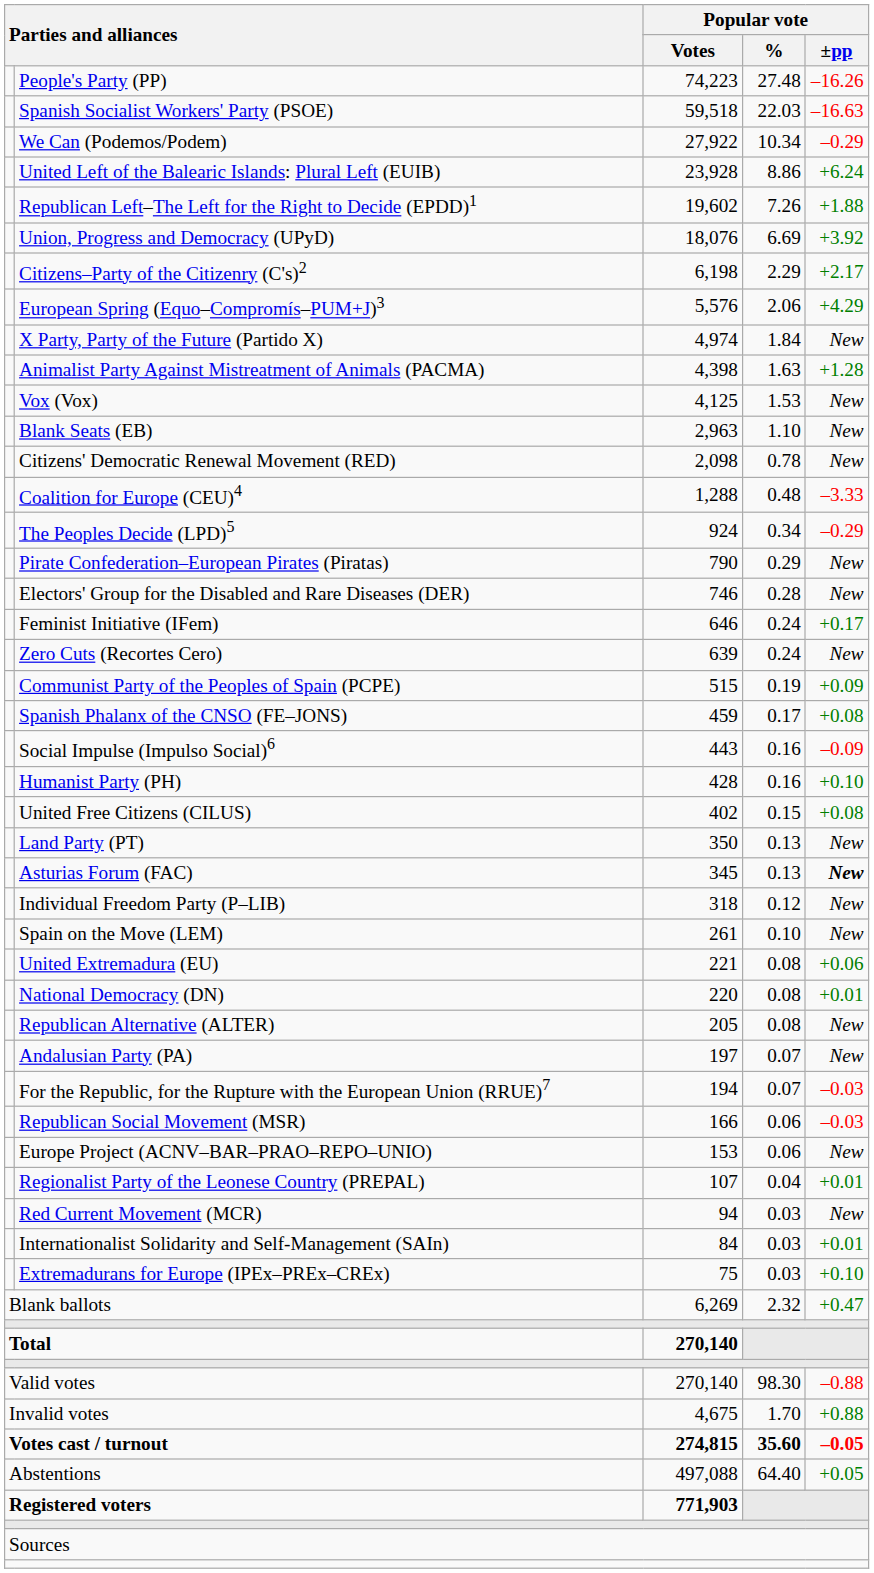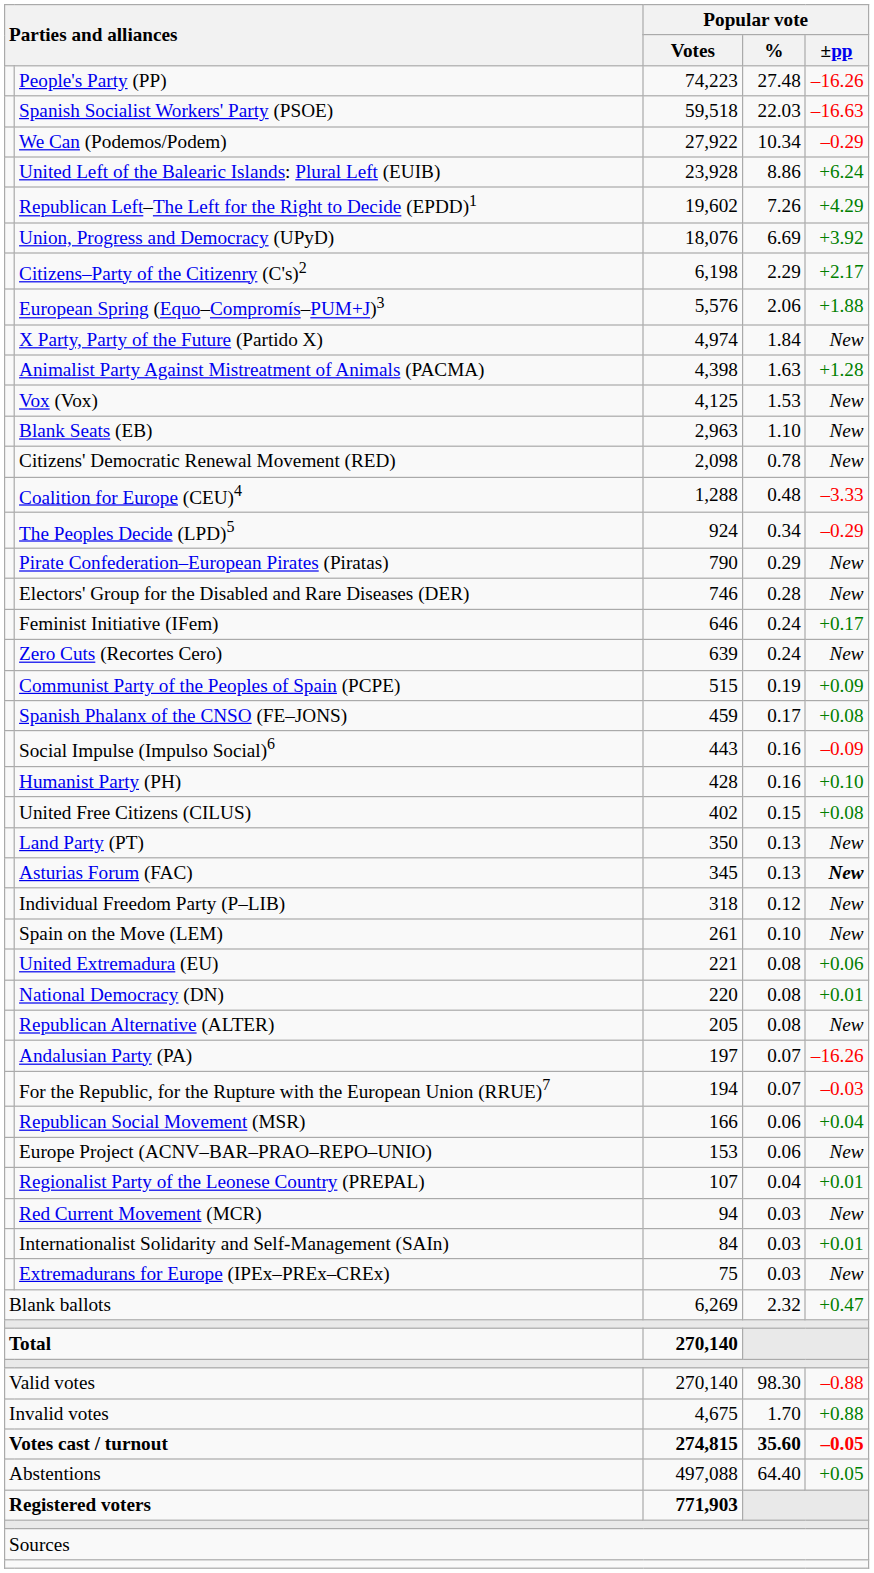 <table class="wikitable" style="text-align:right">
 <tr>
 <th style="text-align:left;" rowspan="2" colspan="2" width="525">Parties and alliances</th>
 <th colspan="3">Popular vote</th>
 </tr>
 <tr>
 <th width="75">Votes</th>
 <th width="45">%</th>
 <th width="45">±<a href='#'>pp</a></th>
 </tr>
 <tr>
 <td width="1" style="color:inherit;background:"></td>
 <td align="left"><a href='#'>People's Party</a> (PP)</td>
 <td>74,223</td>
 <td>27.48</td>
 <td style="color:red;">–16.26</td>
 </tr>
 <tr>
 <td style="color:inherit;background:"></td>
 <td align="left"><a href='#'>Spanish Socialist Workers' Party</a> (PSOE)</td>
 <td>59,518</td>
 <td>22.03</td>
 <td style="color:red;">–16.63</td>
 </tr>
 <tr>
 <td style="color:inherit;background:"></td>
 <td align="left"><a href='#'>We Can</a> (Podemos/Podem)</td>
 <td>27,922</td>
 <td>10.34</td>
 <td style="color:red;">–0.29</td>
 </tr>
 <tr>
 <td style="color:inherit;background:"></td>
 <td align="left"><a href='#'>United Left of the Balearic Islands</a>: <a href='#'>Plural Left</a> (EUIB)</td>
 <td>23,928</td>
 <td>8.86</td>
 <td style="color:green;">+6.24</td>
 </tr>
 <tr>
 <td style="color:inherit;background:"></td>
 <td align="left"><a href='#'>Republican Left</a>–<a href='#'>The Left for the Right to Decide</a> (EPDD)<sup>1</sup></td>
 <td>19,602</td>
 <td>7.26</td>
-<td style="color:green;">+1.88</td>
+<td style="color:green;">+4.29</td>
 </tr>
 <tr>
 <td style="color:inherit;background:"></td>
 <td align="left"><a href='#'>Union, Progress and Democracy</a> (UPyD)</td>
 <td>18,076</td>
 <td>6.69</td>
 <td style="color:green;">+3.92</td>
 </tr>
 <tr>
 <td style="color:inherit;background:"></td>
 <td align="left"><a href='#'>Citizens–Party of the Citizenry</a> (C's)<sup>2</sup></td>
 <td>6,198</td>
 <td>2.29</td>
 <td style="color:green;">+2.17</td>
 </tr>
 <tr>
 <td style="color:inherit;background:"></td>
 <td align="left"><a href='#'>European Spring</a> (<a href='#'>Equo</a>–<a href='#'>Compromís</a>–<a href='#'>PUM+J</a>)<sup>3</sup></td>
 <td>5,576</td>
 <td>2.06</td>
-<td style="color:green;">+4.29</td>
+<td style="color:green;">+1.88</td>
 </tr>
 <tr>
 <td style="color:inherit;background:"></td>
 <td align="left"><a href='#'>X Party, Party of the Future</a> (Partido X)</td>
 <td>4,974</td>
 <td>1.84</td>
 <td><em>New</em></td>
 </tr>
 <tr>
 <td style="color:inherit;background:"></td>
 <td align="left"><a href='#'>Animalist Party Against Mistreatment of Animals</a> (PACMA)</td>
 <td>4,398</td>
 <td>1.63</td>
 <td style="color:green;">+1.28</td>
 </tr>
 <tr>
 <td style="color:inherit;background:"></td>
 <td align="left"><a href='#'>Vox</a> (Vox)</td>
 <td>4,125</td>
 <td>1.53</td>
 <td><em>New</em></td>
 </tr>
 <tr>
 <td style="color:inherit;background:"></td>
 <td align="left"><a href='#'>Blank Seats</a> (EB)</td>
 <td>2,963</td>
 <td>1.10</td>
 <td><em>New</em></td>
 </tr>
 <tr>
 <td style="color:inherit;background:"></td>
 <td align="left">Citizens' Democratic Renewal Movement (RED)</td>
 <td>2,098</td>
 <td>0.78</td>
 <td><em>New</em></td>
 </tr>
 <tr>
 <td style="color:inherit;background:"></td>
 <td align="left"><a href='#'>Coalition for Europe</a> (CEU)<sup>4</sup></td>
 <td>1,288</td>
 <td>0.48</td>
 <td style="color:red;">–3.33</td>
 </tr>
 <tr>
 <td style="color:inherit;background:"></td>
 <td align="left"><a href='#'>The Peoples Decide</a> (LPD)<sup>5</sup></td>
 <td>924</td>
 <td>0.34</td>
 <td style="color:red;">–0.29</td>
 </tr>
 <tr>
 <td style="color:inherit;background:"></td>
 <td align="left"><a href='#'>Pirate Confederation–European Pirates</a> (Piratas)</td>
 <td>790</td>
 <td>0.29</td>
 <td><em>New</em></td>
 </tr>
 <tr>
 <td style="color:inherit;background:"></td>
 <td align="left">Electors' Group for the Disabled and Rare Diseases (DER)</td>
 <td>746</td>
 <td>0.28</td>
 <td><em>New</em></td>
 </tr>
 <tr>
 <td style="color:inherit;background:"></td>
 <td align="left">Feminist Initiative (IFem)</td>
 <td>646</td>
 <td>0.24</td>
 <td style="color:green;">+0.17</td>
 </tr>
 <tr>
 <td style="color:inherit;background:"></td>
 <td align="left"><a href='#'>Zero Cuts</a> (Recortes Cero)</td>
 <td>639</td>
 <td>0.24</td>
 <td><em>New</em></td>
 </tr>
 <tr>
 <td style="color:inherit;background:"></td>
 <td align="left"><a href='#'>Communist Party of the Peoples of Spain</a> (PCPE)</td>
 <td>515</td>
 <td>0.19</td>
 <td style="color:green;">+0.09</td>
 </tr>
 <tr>
 <td style="color:inherit;background:"></td>
 <td align="left"><a href='#'>Spanish Phalanx of the CNSO</a> (FE–JONS)</td>
 <td>459</td>
 <td>0.17</td>
 <td style="color:green;">+0.08</td>
 </tr>
 <tr>
 <td style="color:inherit;background:"></td>
 <td align="left">Social Impulse (Impulso Social)<sup>6</sup></td>
 <td>443</td>
 <td>0.16</td>
 <td style="color:red;">–0.09</td>
 </tr>
 <tr>
 <td style="color:inherit;background:"></td>
 <td align="left"><a href='#'>Humanist Party</a> (PH)</td>
 <td>428</td>
 <td>0.16</td>
 <td style="color:green;">+0.10</td>
 </tr>
 <tr>
 <td style="color:inherit;background:"></td>
 <td align="left">United Free Citizens (CILUS)</td>
 <td>402</td>
 <td>0.15</td>
 <td style="color:green;">+0.08</td>
 </tr>
 <tr>
 <td style="color:inherit;background:"></td>
 <td align="left"><a href='#'>Land Party</a> (PT)</td>
 <td>350</td>
 <td>0.13</td>
 <td><em>New</em></td>
 </tr>
 <tr>
 <td style="color:inherit;background:"></td>
 <td align="left"><a href='#'>Asturias Forum</a> (FAC)</td>
 <td>345</td>
 <td>0.13</td>
 <td><strong><em>New</em></strong></td>
 </tr>
 <tr>
 <td style="color:inherit;background:"></td>
 <td align="left">Individual Freedom Party (P–LIB)</td>
 <td>318</td>
 <td>0.12</td>
 <td><em>New</em></td>
 </tr>
 <tr>
 <td style="color:inherit;background:"></td>
 <td align="left">Spain on the Move (LEM)</td>
 <td>261</td>
 <td>0.10</td>
 <td><em>New</em></td>
 </tr>
 <tr>
 <td style="color:inherit;background:"></td>
 <td align="left"><a href='#'>United Extremadura</a> (EU)</td>
 <td>221</td>
 <td>0.08</td>
 <td style="color:green;">+0.06</td>
 </tr>
 <tr>
 <td style="color:inherit;background:"></td>
 <td align="left"><a href='#'>National Democracy</a> (DN)</td>
 <td>220</td>
 <td>0.08</td>
 <td style="color:green;">+0.01</td>
 </tr>
 <tr>
 <td style="color:inherit;background:"></td>
 <td align="left"><a href='#'>Republican Alternative</a> (ALTER)</td>
 <td>205</td>
 <td>0.08</td>
 <td><em>New</em></td>
 </tr>
 <tr>
 <td style="color:inherit;background:"></td>
 <td align="left"><a href='#'>Andalusian Party</a> (PA)</td>
 <td>197</td>
 <td>0.07</td>
-<td><em>New</em></td>
+<td style="color:red;">–16.26</td>
 </tr>
 <tr>
 <td style="color:inherit;background:"></td>
 <td align="left">For the Republic, for the Rupture with the European Union (RRUE)<sup>7</sup></td>
 <td>194</td>
 <td>0.07</td>
 <td style="color:red;">–0.03</td>
 </tr>
 <tr>
 <td style="color:inherit;background:"></td>
 <td align="left"><a href='#'>Republican Social Movement</a> (MSR)</td>
 <td>166</td>
 <td>0.06</td>
-<td style="color:red;">–0.03</td>
+<td style="color:green;">+0.04</td>
 </tr>
 <tr>
 <td style="color:inherit;background:"></td>
 <td align="left">Europe Project (ACNV–BAR–PRAO–REPO–UNIO)</td>
 <td>153</td>
 <td>0.06</td>
 <td><em>New</em></td>
 </tr>
 <tr>
 <td style="color:inherit;background:"></td>
 <td align="left"><a href='#'>Regionalist Party of the Leonese Country</a> (PREPAL)</td>
 <td>107</td>
 <td>0.04</td>
 <td style="color:green;">+0.01</td>
 </tr>
 <tr>
 <td style="color:inherit;background:"></td>
 <td align="left"><a href='#'>Red Current Movement</a> (MCR)</td>
 <td>94</td>
 <td>0.03</td>
 <td><em>New</em></td>
 </tr>
 <tr>
 <td style="color:inherit;background:"></td>
 <td align="left">Internationalist Solidarity and Self-Management (SAIn)</td>
 <td>84</td>
 <td>0.03</td>
 <td style="color:green;">+0.01</td>
 </tr>
 <tr>
 <td style="color:inherit;background:"></td>
 <td align="left"><a href='#'>Extremadurans for Europe</a> (IPEx–PREx–CREx)</td>
 <td>75</td>
 <td>0.03</td>
-<td style="color:green;">+0.10</td>
+<td><em>New</em></td>
 </tr>
 <tr>
 <td align="left" colspan="2">Blank ballots</td>
 <td>6,269</td>
 <td>2.32</td>
 <td style="color:green;">+0.47</td>
 </tr>
 <tr>
 <td colspan="5" bgcolor="#E9E9E9"></td>
 </tr>
 <tr style="font-weight:bold;">
 <td align="left" colspan="2">Total</td>
 <td>270,140</td>
 <td bgcolor="#E9E9E9" colspan="2"></td>
 </tr>
 <tr>
 <td colspan="5" bgcolor="#E9E9E9"></td>
 </tr>
 <tr>
 <td align="left" colspan="2">Valid votes</td>
 <td>270,140</td>
 <td>98.30</td>
 <td style="color:red;">–0.88</td>
 </tr>
 <tr>
 <td align="left" colspan="2">Invalid votes</td>
 <td>4,675</td>
 <td>1.70</td>
 <td style="color:green;">+0.88</td>
 </tr>
 <tr style="font-weight:bold;">
 <td align="left" colspan="2">Votes cast / turnout</td>
 <td>274,815</td>
 <td>35.60</td>
 <td style="color:red;">–0.05</td>
 </tr>
 <tr>
 <td align="left" colspan="2">Abstentions</td>
 <td>497,088</td>
 <td>64.40</td>
 <td style="color:green;">+0.05</td>
 </tr>
 <tr style="font-weight:bold;">
 <td align="left" colspan="2">Registered voters</td>
 <td>771,903</td>
 <td bgcolor="#E9E9E9" colspan="2"></td>
 </tr>
 <tr>
 <td colspan="5" bgcolor="#E9E9E9"></td>
 </tr>
 <tr>
 <td align="left" colspan="5">Sources</td>
 </tr>
 <tr>
 <td colspan="5" style="text-align:left; max-width:680px;"></td>
 </tr>
 </table>
